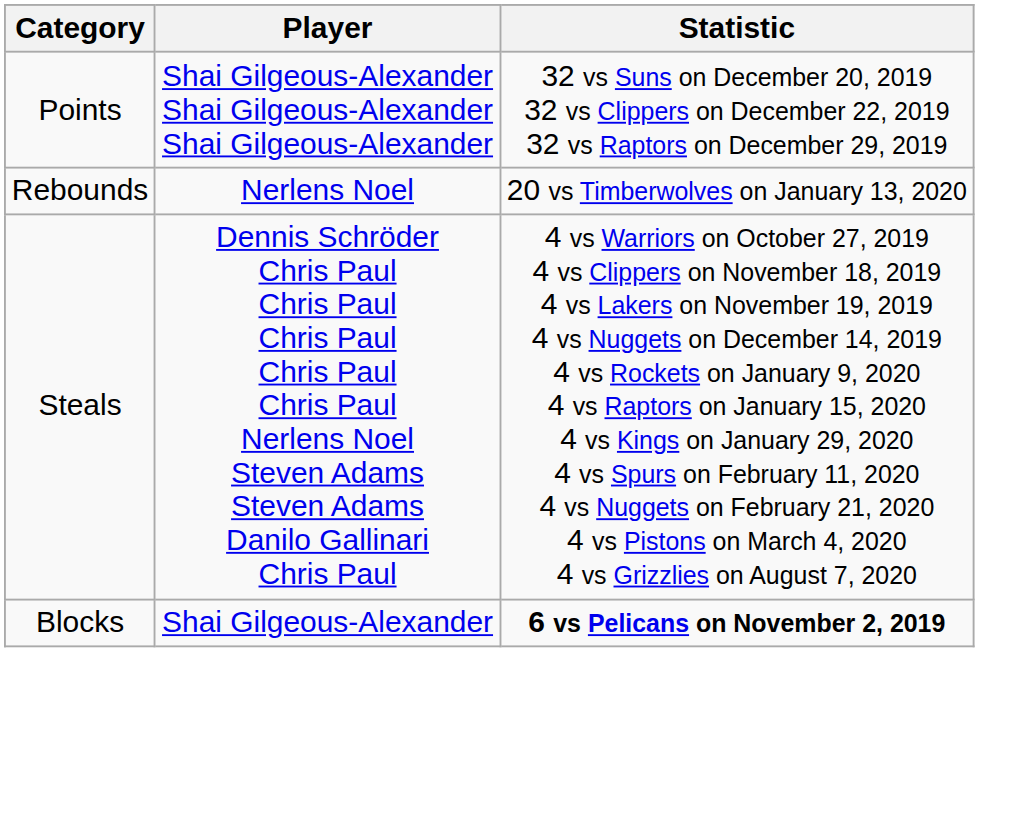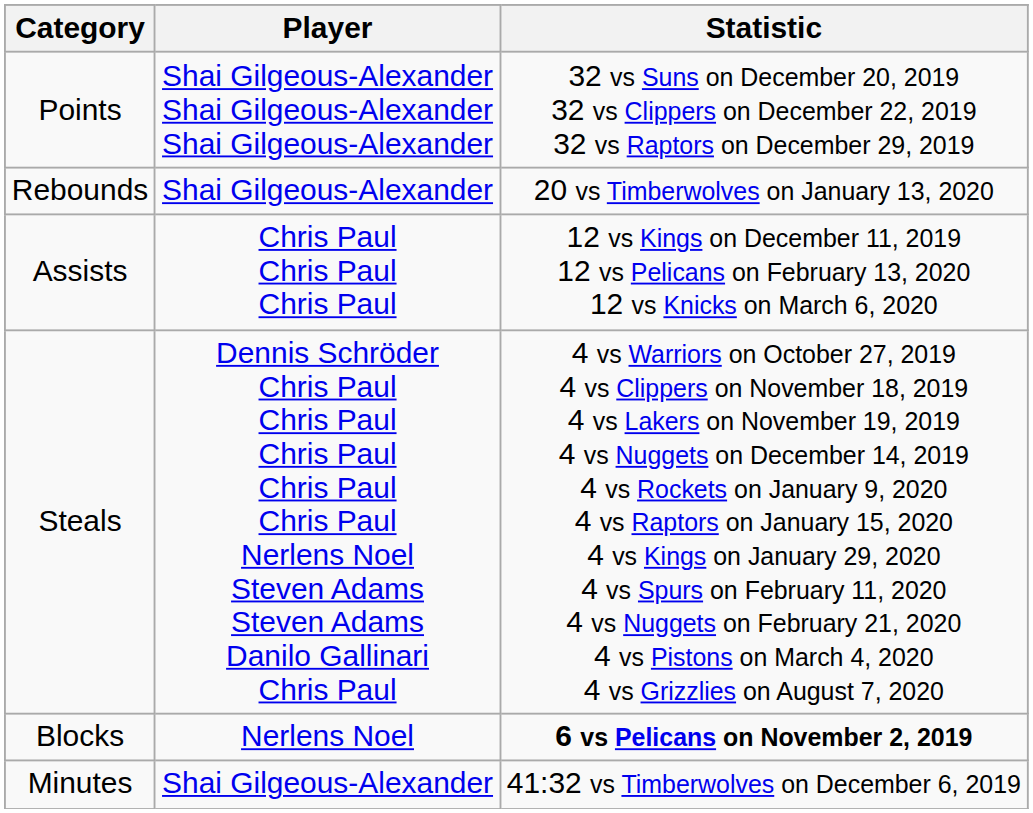 <table class="wikitable sortable sortable" style="text-align: center">
 <tr>
 <th>Category</th>
 <th>Player</th>
 <th>Statistic</th>
 </tr>
 <tr style="text-align: center">
 <td>Points</td>
 <td><a href='#'>Shai Gilgeous-Alexander</a><br><a href='#'>Shai Gilgeous-Alexander</a><br><a href='#'>Shai Gilgeous-Alexander</a></td>
 <td>32 <small>vs <a href='#'>Suns</a> on December 20, 2019</small><br>32 <small>vs <a href='#'>Clippers</a> on December 22, 2019</small><br>32 <small>vs <a href='#'>Raptors</a> on December 29, 2019</small></td>
 </tr>
 <tr style="text-align: center">
 <td>Rebounds</td>
-<td><a href='#'>Nerlens Noel</a></td>
+<td><a href='#'>Shai Gilgeous-Alexander</a></td>
 <td>20 <small>vs <a href='#'>Timberwolves</a> on January 13, 2020</small></td>
+</tr>
+<tr style="text-align: center">
+<td>Assists</td>
+<td><a href='#'>Chris Paul</a><br><a href='#'>Chris Paul</a><br><a href='#'>Chris Paul</a></td>
+<td>12 <small>vs <a href='#'>Kings</a> on December 11, 2019</small><br>12 <small>vs <a href='#'>Pelicans</a> on February 13, 2020</small><br>12 <small>vs <a href='#'>Knicks</a> on March 6, 2020</small></td>
 </tr>
 <tr style="text-align: center">
 <td>Steals</td>
 <td><a href='#'>Dennis Schröder</a><br><a href='#'>Chris Paul</a><br><a href='#'>Chris Paul</a><br><a href='#'>Chris Paul</a><br><a href='#'>Chris Paul</a><br><a href='#'>Chris Paul</a><br><a href='#'>Nerlens Noel</a><br><a href='#'>Steven Adams</a><br><a href='#'>Steven Adams</a><br><a href='#'>Danilo Gallinari</a><br><a href='#'>Chris Paul</a></td>
 <td>4 <small>vs <a href='#'>Warriors</a> on October 27, 2019</small><br>4 <small>vs <a href='#'>Clippers</a> on November 18, 2019</small><br>4 <small>vs <a href='#'>Lakers</a> on November 19, 2019</small><br>4 <small>vs <a href='#'>Nuggets</a> on December 14, 2019</small><br>4 <small>vs <a href='#'>Rockets</a> on January 9, 2020</small><br>4 <small>vs <a href='#'>Raptors</a> on January 15, 2020</small><br>4 <small>vs <a href='#'>Kings</a> on January 29, 2020</small><br>4 <small>vs <a href='#'>Spurs</a> on February 11, 2020</small><br>4 <small>vs <a href='#'>Nuggets</a> on February 21, 2020</small><br>4 <small>vs <a href='#'>Pistons</a> on March 4, 2020</small><br>4 <small>vs <a href='#'>Grizzlies</a> on August 7, 2020</small></td>
 </tr>
 <tr style="text-align: center">
 <td>Blocks</td>
-<td><a href='#'>Shai Gilgeous-Alexander</a></td>
+<td><a href='#'>Nerlens Noel</a></td>
 <td><strong>6 <small>vs <a href='#'>Pelicans</a> on November 2, 2019</small></strong></td>
 </tr>
+<tr style="text-align: center">
+<td>Minutes</td>
+<td><a href='#'>Shai Gilgeous-Alexander</a></td>
+<td>41:32 <small>vs <a href='#'>Timberwolves</a> on December 6, 2019</small></td>
+</tr>
 </table>
